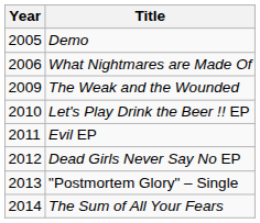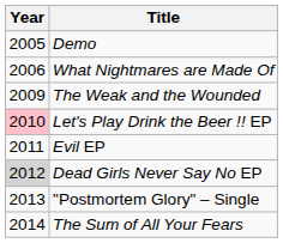 <table class="wikitable">
 <tr>
 <th>Year</th>
 <th>Title</th>
 </tr>
 <tr>
 <td>2005</td>
 <td><em>Demo</em></td>
 </tr>
 <tr>
 <td>2006</td>
 <td><em>What Nightmares are Made Of</em></td>
 </tr>
 <tr>
 <td>2009</td>
 <td><em>The Weak and the Wounded</em></td>
 </tr>
 <tr>
-<td>2010</td>
+<td style="background: pink;">2010</td>
 <td><em>Let's Play Drink the Beer !!</em> EP</td>
 </tr>
 <tr>
 <td>2011</td>
 <td><em>Evil</em> EP</td>
 </tr>
 <tr>
-<td>2012</td>
+<td style="background: lightgrey;">2012</td>
 <td><em>Dead Girls Never Say No</em> EP</td>
 </tr>
 <tr>
 <td>2013</td>
 <td>"Postmortem Glory" – Single</td>
 </tr>
 <tr>
 <td>2014</td>
 <td><em>The Sum of All Your Fears</em></td>
 </tr>
 </table>
